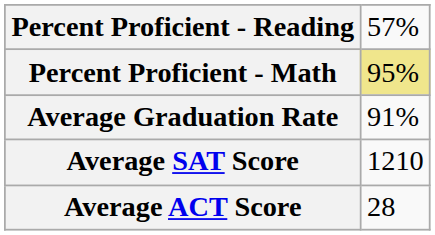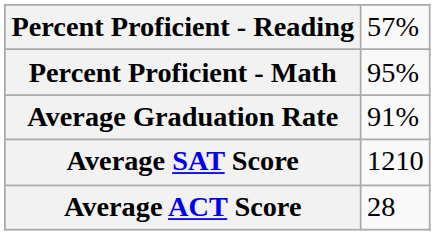 <table class="wikitable">
 <tr>
 <th>Percent Proficient - Reading</th>
 <td>57%</td>
 </tr>
 <tr>
 <th>Percent Proficient - Math</th>
-<td style="background: khaki;">95%</td>
+<td>95%</td>
 </tr>
 <tr>
 <th>Average Graduation Rate</th>
 <td>91%</td>
 </tr>
 <tr>
 <th>Average <a href='#'>SAT</a> Score</th>
 <td>1210</td>
 </tr>
 <tr>
 <th>Average <a href='#'>ACT</a> Score</th>
 <td>28</td>
 </tr>
 </table>
